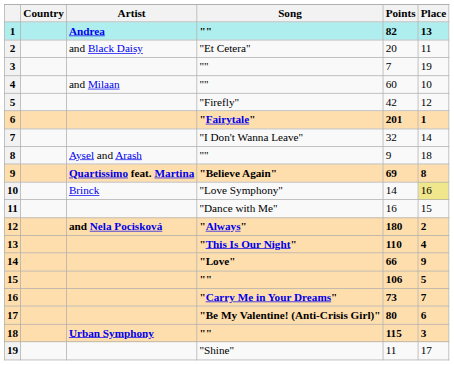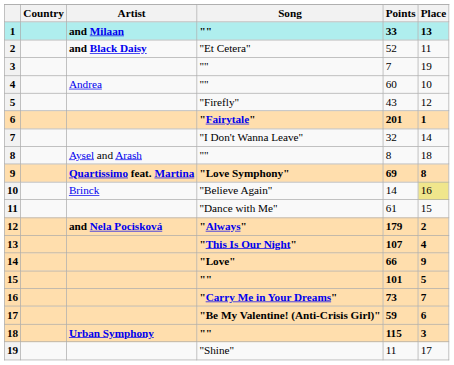 <table class="sortable wikitable plainrowheaders">
 <tr>
 </tr>
 <tr>
 <th scope="col"></th>
 <th scope="col">Country</th>
 <th scope="col">Artist</th>
 <th scope="col">Song</th>
 <th scope="col">Points</th>
 <th scope="col">Place</th>
 </tr>
 <tr style="font-weight:bold; background:paleturquoise;">
 <th scope="row" style="text-align:center; font-weight:bold; background:paleturquoise;">1</th>
 <td></td>
-<td>  <a href='#'>Andrea</a></td>
+<td> and <a href='#'>Milaan</a></td>
 <td>""</td>
-<td>82</td>
+<td>33</td>
 <td>13 </td>
 </tr>
 <tr>
 <th scope="row" style="text-align:center;">2</th>
 <td></td>
-<td> and <a href='#'>Black Daisy</a></td>
+<td><strong> and <a href='#'>Black Daisy</a></strong></td>
 <td>"Et Cetera"</td>
-<td>20</td>
+<td>52</td>
 <td>11</td>
 </tr>
 <tr>
 <th scope="row" style="text-align:center;">3</th>
 <td></td>
 <td></td>
 <td>""</td>
 <td>7</td>
 <td>19</td>
 </tr>
 <tr>
 <th scope="row" style="text-align:center;">4</th>
 <td></td>
-<td> and <a href='#'>Milaan</a></td>
+<td>  <a href='#'>Andrea</a></td>
 <td>""</td>
 <td>60</td>
 <td>10</td>
 </tr>
 <tr>
 <th scope="row" style="text-align:center;">5</th>
 <td></td>
 <td></td>
 <td>"Firefly"</td>
-<td>42</td>
+<td>43</td>
 <td>12</td>
 </tr>
 <tr style="font-weight:bold; background:navajowhite;">
 <th scope="row" style="text-align:center; font-weight:bold; background:navajowhite;">6</th>
 <td></td>
 <td></td>
 <td>"<a href='#'>Fairytale</a>"</td>
 <td>201</td>
 <td>1</td>
 </tr>
 <tr>
 <th scope="row" style="text-align:center;">7</th>
 <td></td>
 <td></td>
 <td>"I Don't Wanna Leave"</td>
 <td>32</td>
 <td>14</td>
 </tr>
 <tr>
 <th scope="row" style="text-align:center;">8</th>
 <td></td>
 <td><a href='#'>Aysel</a> and <a href='#'>Arash</a></td>
 <td>""</td>
-<td>9</td>
+<td>8</td>
 <td>18</td>
 </tr>
 <tr style="font-weight:bold; background:navajowhite;">
 <th scope="row" style="text-align:center; font-weight:bold; background:navajowhite;">9</th>
 <td></td>
 <td><a href='#'>Quartissimo</a> feat. <a href='#'>Martina</a></td>
-<td>"Believe Again"</td>
+<td>"Love Symphony"</td>
 <td>69</td>
 <td>8</td>
 </tr>
 <tr>
 <th scope="row" style="text-align:center;">10</th>
 <td></td>
 <td><a href='#'>Brinck</a></td>
-<td>"Love Symphony"</td>
+<td>"Believe Again"</td>
 <td>14</td>
 <td style="background: khaki;">16</td>
 </tr>
 <tr>
 <th scope="row" style="text-align:center;">11</th>
 <td></td>
 <td></td>
 <td>"Dance with Me"</td>
-<td>16</td>
+<td>61</td>
 <td>15</td>
 </tr>
 <tr style="font-weight:bold; background:navajowhite;">
 <th scope="row" style="text-align:center; font-weight:bold; background:navajowhite;">12</th>
 <td></td>
 <td> and <a href='#'>Nela Pocisková</a></td>
 <td>"<a href='#'>Always</a>"</td>
-<td>180</td>
+<td>179</td>
 <td>2</td>
 </tr>
 <tr style="font-weight:bold; background:navajowhite;">
 <th scope="row" style="text-align:center; font-weight:bold; background:navajowhite;">13</th>
 <td></td>
 <td></td>
 <td>"<a href='#'>This Is Our Night</a>"</td>
-<td>110</td>
+<td>107</td>
 <td>4</td>
 </tr>
 <tr style="font-weight:bold; background:navajowhite;">
 <th scope="row" style="text-align:center; font-weight:bold; background:navajowhite;">14</th>
 <td></td>
 <td></td>
 <td>"Love"</td>
 <td>66</td>
 <td>9</td>
 </tr>
 <tr style="font-weight:bold; background:navajowhite;">
 <th scope="row" style="text-align:center; font-weight:bold; background:navajowhite;">15</th>
 <td></td>
 <td></td>
 <td>""</td>
-<td>106</td>
+<td>101</td>
 <td>5</td>
 </tr>
 <tr style="font-weight:bold; background:navajowhite;">
 <th scope="row" style="text-align:center; font-weight:bold; background:navajowhite;">16</th>
 <td></td>
 <td></td>
 <td>"<a href='#'>Carry Me in Your Dreams</a>"</td>
 <td>73</td>
 <td>7</td>
 </tr>
 <tr style="font-weight:bold; background:navajowhite;">
 <th scope="row" style="text-align:center; font-weight:bold; background:navajowhite;">17</th>
 <td></td>
 <td></td>
 <td>"Be My Valentine! (Anti-Crisis Girl)"</td>
-<td>80</td>
+<td>59</td>
 <td>6</td>
 </tr>
 <tr style="font-weight:bold; background:navajowhite;">
 <th scope="row" style="text-align:center; font-weight:bold; background:navajowhite;">18</th>
 <td></td>
 <td><a href='#'>Urban Symphony</a></td>
 <td>""</td>
 <td>115</td>
 <td>3</td>
 </tr>
 <tr>
 <th scope="row" style="text-align:center;">19</th>
 <td></td>
 <td></td>
 <td>"Shine"</td>
 <td>11</td>
 <td>17</td>
 </tr>
 </table>
